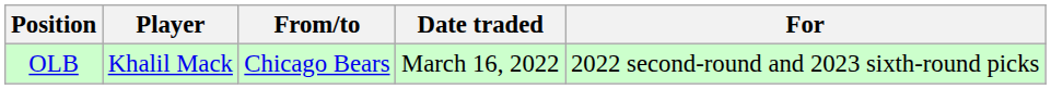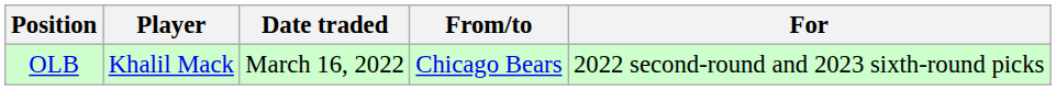 <table class="wikitable" style="text-align:center">
 <tr>
 <th>Position</th>
 <th>Player</th>
+<th>Date traded</th>
 <th>From/to</th>
-<th>Date traded</th>
 <th>For</th>
 </tr>
 <tr style="background:#cfc">
 <td><a href='#'>OLB</a></td>
 <td><a href='#'>Khalil Mack</a></td>
+<td>March 16, 2022</td>
 <td><a href='#'>Chicago Bears</a></td>
-<td>March 16, 2022</td>
 <td>2022 second-round and 2023 sixth-round picks</td>
 </tr>
 </table>
